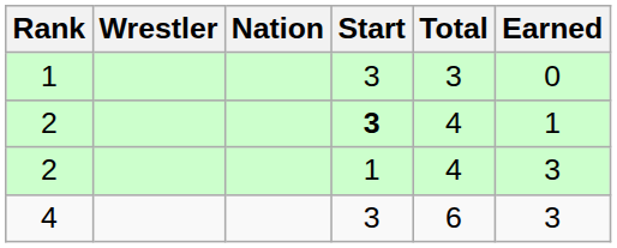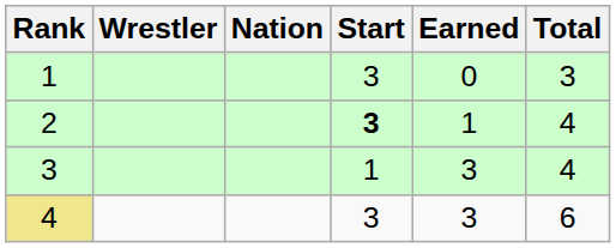 <table class="wikitable sortable" style="text-align:center;">
 <tr>
 <th>Rank</th>
 <th>Wrestler</th>
 <th>Nation</th>
 <th>Start</th>
+<th>Earned</th>
 <th>Total</th>
-<th>Earned</th>
 </tr>
 <tr style="background:#cfc;">
 <td>1</td>
 <td align=left></td>
 <td align=left></td>
 <td>3</td>
+<td>0</td>
 <td>3</td>
-<td>0</td>
 </tr>
 <tr style="background:#cfc;">
 <td>2</td>
 <td align=left></td>
 <td align=left></td>
 <td><strong>3</strong></td>
+<td>1</td>
 <td>4</td>
-<td>1</td>
 </tr>
 <tr style="background:#cfc;">
-<td>2</td>
+<td>3</td>
 <td align=left></td>
 <td align=left></td>
 <td>1</td>
+<td>3</td>
 <td>4</td>
-<td>3</td>
 </tr>
 <tr>
-<td>4</td>
+<td style="background: khaki;">4</td>
 <td align=left></td>
 <td align=left></td>
 <td>3</td>
+<td>3</td>
 <td>6</td>
-<td>3</td>
 </tr>
 </table>
